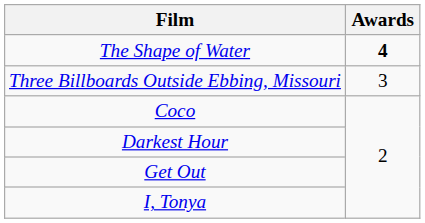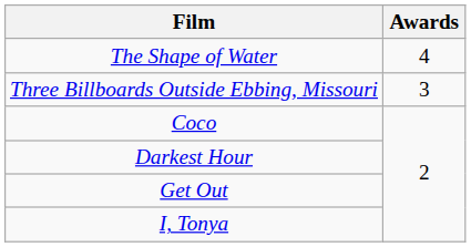 <table class="wikitable" rowspan="2" style="text-align:center;" background: #f6e39c;>
 <tr>
 <th scope="col" style="text-align:center;">Film</th>
 <th scope="col" style="width:55px;">Awards</th>
 </tr>
 <tr>
 <td><em><a href='#'>The Shape of Water</a></em></td>
-<td style="text-align:center"><strong>4</strong></td>
+<td style="text-align:center">4</td>
 </tr>
 <tr>
 <td><em><a href='#'>Three Billboards Outside Ebbing, Missouri</a></em></td>
 <td style="text-align:center">3</td>
 </tr>
 <tr>
 <td><em><a href='#'>Coco</a></em></td>
 <td rowspan="4" style="text-align:center">2</td>
 </tr>
 <tr>
 <td><em><a href='#'>Darkest Hour</a></em></td>
 </tr>
 <tr>
 <td><em><a href='#'>Get Out</a></em></td>
 </tr>
 <tr>
 <td><em><a href='#'>I, Tonya</a></em></td>
 </tr>
 </table>
